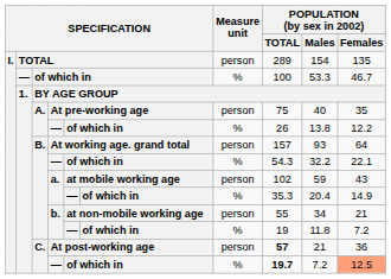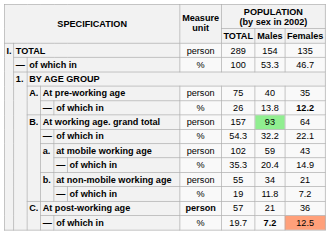 <table class="wikitable" style="font-size:85%; text-align:center">
 <tr>
 <th rowspan="2" colspan="6">SPECIFICATION</th>
 <th rowspan="2">Measure<br> unit</th>
 <th colspan="3" rowspan="1">POPULATION<br> (by sex in 2002)</th>
 </tr>
 <tr>
 <th>TOTAL</th>
 <th>Males</th>
 <th>Females</th>
 </tr>
 <tr>
 <th style="text-align:left" valign="top" rowspan="13">I.</th>
 <th style="text-align:left" colspan="5">TOTAL</th>
 <td>person</td>
 <td>289</td>
 <td>154</td>
 <td>135</td>
 </tr>
 <tr>
 <th style="text-align:left" valign="top">—</th>
 <th style="text-align:left" colspan="4">of which in</th>
 <td>%</td>
 <td>100</td>
 <td>53.3</td>
 <td>46.7</td>
 </tr>
 <tr>
 <th style="text-align:left" valign="top" rowspan="11">1.</th>
 <th style="text-align:left" colspan="19">BY AGE GROUP</th>
 </tr>
 <tr>
 <th style="text-align:left" valign="top" rowspan="2">A.</th>
 <th style="text-align:left" colspan="3">At pre-working age</th>
 <td>person</td>
 <td>75</td>
 <td>40</td>
 <td>35</td>
 </tr>
 <tr>
 <th style="text-align:left" valign="top">—</th>
 <th style="text-align:left" valign="top" colspan="2">of which in</th>
 <td>%</td>
 <td>26</td>
 <td>13.8</td>
-<td>12.2</td>
+<td><strong>12.2</strong></td>
 </tr>
 <tr>
 <th style="text-align:left" valign="top" rowspan="6">B.</th>
 <th style="text-align:left" colspan="3">At working age. grand total</th>
 <td>person</td>
 <td>157</td>
-<td>93</td>
+<td style="background: lightgreen;">93</td>
 <td>64</td>
 </tr>
 <tr>
 <th style="text-align:left" valign="top">—</th>
 <th style="text-align:left" valign="top" colspan="2">of which in</th>
 <td>%</td>
 <td>54.3</td>
 <td>32.2</td>
 <td>22.1</td>
 </tr>
 <tr>
 <th style="text-align:left" valign="top" rowspan="2">a.</th>
 <th style="text-align:left" colspan="2">at mobile working age</th>
 <td>person</td>
 <td>102</td>
 <td>59</td>
 <td>43</td>
 </tr>
 <tr>
 <th style="text-align:left" valign="top">—</th>
 <th style="text-align:left" valign="top" colspan="1">of which in                        </th>
 <td>%</td>
 <td>35.3</td>
 <td>20.4</td>
 <td>14.9</td>
 </tr>
 <tr>
 <th style="text-align:left" valign="top" rowspan="2">b.</th>
 <th style="text-align:left" colspan="2">at non-mobile working age</th>
 <td>person</td>
 <td>55</td>
 <td>34</td>
 <td>21</td>
 </tr>
 <tr>
 <th style="text-align:left" valign="top">—</th>
 <th style="text-align:left" valign="top" colspan="1">of which in                        </th>
 <td>%</td>
 <td>19</td>
 <td>11.8</td>
 <td>7.2</td>
 </tr>
 <tr>
 <th style="text-align:left" valign="top" rowspan="2">C.</th>
 <th style="text-align:left" colspan="3">At post-working age</th>
-<td>person</td>
-<td><strong>57</strong></td>
+<td><strong>person</strong></td>
+<td>57</td>
 <td>21</td>
 <td>36</td>
 </tr>
 <tr>
 <th style="text-align:left" valign="top">—</th>
 <th style="text-align:left" valign="top" colspan="2">of which in</th>
 <td>%</td>
-<td><strong>19.7</strong></td>
-<td>7.2</td>
+<td>19.7</td>
+<td><strong>7.2</strong></td>
 <td style="background: lightsalmon;">12.5</td>
 </tr>
 </table>
